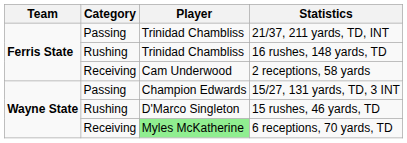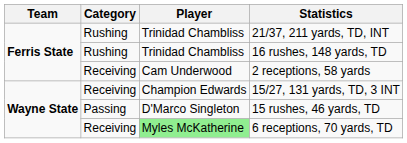 <table class="wikitable" style="float: left;">
 <tr>
 <th>Team</th>
 <th>Category</th>
 <th>Player</th>
 <th>Statistics</th>
 </tr>
 <tr>
 <td rowspan=3><strong>Ferris State</strong></td>
-<td>Passing</td>
+<td>Rushing</td>
 <td>Trinidad Chambliss</td>
 <td>21/37, 211 yards, TD, INT</td>
 </tr>
 <tr>
 <td>Rushing</td>
 <td>Trinidad Chambliss</td>
 <td>16 rushes, 148 yards, TD</td>
 </tr>
 <tr>
 <td>Receiving</td>
 <td>Cam Underwood</td>
 <td>2 receptions, 58 yards</td>
 </tr>
 <tr>
 <td rowspan=3><strong>Wayne State</strong></td>
-<td>Passing</td>
+<td>Receiving</td>
 <td>Champion Edwards</td>
 <td>15/27, 131 yards, TD, 3 INT</td>
 </tr>
 <tr>
-<td>Rushing</td>
+<td>Passing</td>
 <td>D'Marco Singleton</td>
 <td>15 rushes, 46 yards, TD</td>
 </tr>
 <tr>
 <td>Receiving</td>
 <td style="background: lightgreen;">Myles McKatherine</td>
 <td>6 receptions, 70 yards, TD</td>
 </tr>
 </table>
